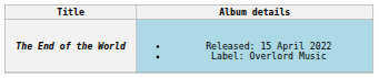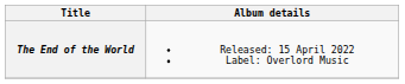 <table class="wikitable plainrowheaders" style="text-align:center;">
 <tr>
 <th scope="col" style="width:14em;">Title</th>
 <th scope="col" style="width:25.5em;">Album details</th>
 </tr>
 <tr>
 <th scope="row"><em>The End of the World</em></th>
-<td style="background: lightblue;"><br><ul><li>Released: 15 April 2022</li><li>Label: Overlord Music</li></ul></td>
+<td><br><ul><li>Released: 15 April 2022</li><li>Label: Overlord Music</li></ul></td>
 </tr>
 <tr>
 </tr>
 </table>
